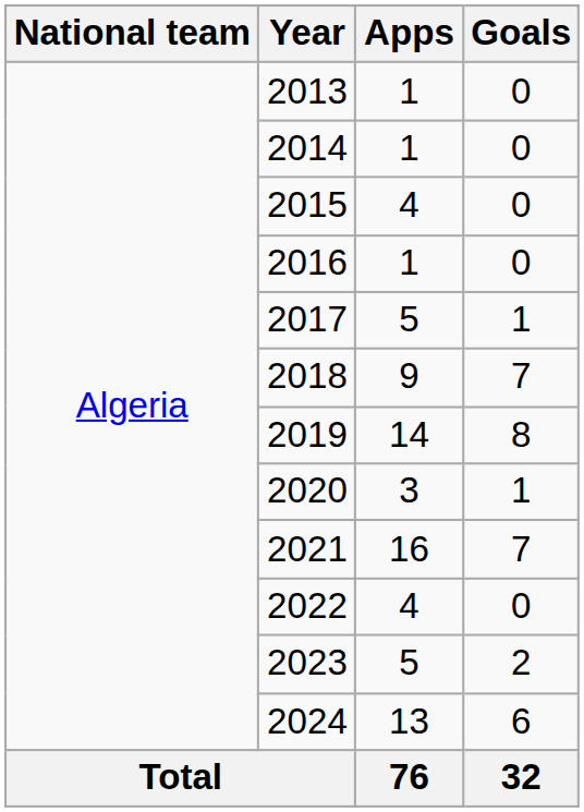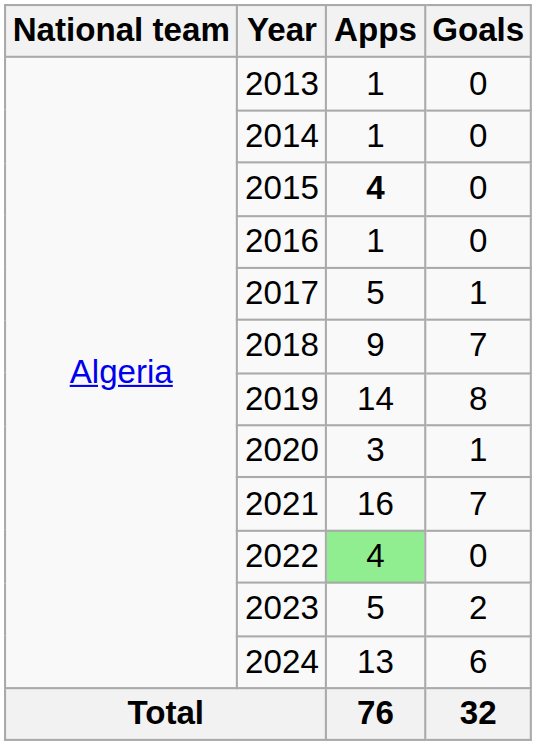 <table class="wikitable" style="text-align:center">
 <tr>
 <th>National team</th>
 <th>Year</th>
 <th>Apps</th>
 <th>Goals</th>
 </tr>
 <tr>
 <td rowspan=12><a href='#'>Algeria</a></td>
 <td>2013</td>
 <td>1</td>
 <td>0</td>
 </tr>
 <tr>
 <td>2014</td>
 <td>1</td>
 <td>0</td>
 </tr>
 <tr>
 <td>2015</td>
-<td>4</td>
+<td><strong>4</strong></td>
 <td>0</td>
 </tr>
 <tr>
 <td>2016</td>
 <td>1</td>
 <td>0</td>
 </tr>
 <tr>
 <td>2017</td>
 <td>5</td>
 <td>1</td>
 </tr>
 <tr>
 <td>2018</td>
 <td>9</td>
 <td>7</td>
 </tr>
 <tr>
 <td>2019</td>
 <td>14</td>
 <td>8</td>
 </tr>
 <tr>
 <td>2020</td>
 <td>3</td>
 <td>1</td>
 </tr>
 <tr>
 <td>2021</td>
 <td>16</td>
 <td>7</td>
 </tr>
 <tr>
 <td>2022</td>
-<td>4</td>
+<td style="background: lightgreen;">4</td>
 <td>0</td>
 </tr>
 <tr>
 <td>2023</td>
 <td>5</td>
 <td>2</td>
 </tr>
 <tr>
 <td>2024</td>
 <td>13</td>
 <td>6</td>
 </tr>
 <tr>
 <th colspan="2">Total</th>
 <th>76</th>
 <th>32</th>
 </tr>
 </table>
